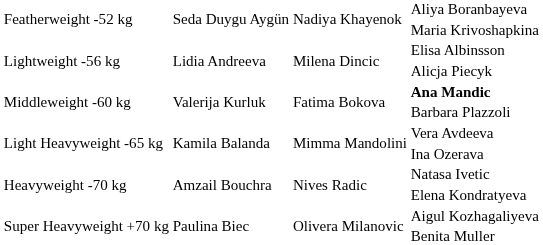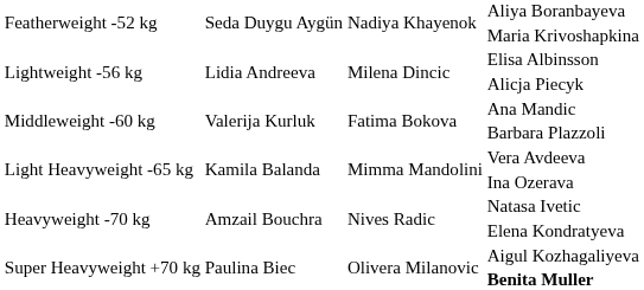 <table>
 <tr>
 <td rowspan=2>Featherweight -52 kg<br></td>
 <td rowspan=2>Seda Duygu Aygün </td>
 <td rowspan=2>Nadiya Khayenok </td>
 <td>Aliya Boranbayeva </td>
 </tr>
 <tr>
 <td>Maria Krivoshapkina </td>
 </tr>
 <tr>
 <td rowspan=2>Lightweight -56 kg<br></td>
 <td rowspan=2>Lidia Andreeva </td>
 <td rowspan=2>Milena Dincic </td>
 <td>Elisa Albinsson </td>
 </tr>
 <tr>
 <td>Alicja Piecyk </td>
 </tr>
 <tr>
 <td rowspan=2>Middleweight -60 kg<br></td>
 <td rowspan=2>Valerija Kurluk </td>
 <td rowspan=2>Fatima Bokova </td>
-<td><strong>Ana Mandic </strong></td>
+<td>Ana Mandic </td>
 </tr>
 <tr>
 <td>Barbara Plazzoli </td>
 </tr>
 <tr>
 <td rowspan=2>Light Heavyweight -65 kg<br></td>
 <td rowspan=2>Kamila Balanda </td>
 <td rowspan=2>Mimma Mandolini </td>
 <td>Vera Avdeeva </td>
 </tr>
 <tr>
 <td>Ina Ozerava </td>
 </tr>
 <tr>
 <td rowspan=2>Heavyweight -70 kg<br></td>
 <td rowspan=2>Amzail Bouchra </td>
 <td rowspan=2>Nives Radic </td>
 <td>Natasa Ivetic </td>
 </tr>
 <tr>
 <td>Elena Kondratyeva </td>
 </tr>
 <tr>
 <td rowspan=2>Super Heavyweight +70 kg<br></td>
 <td rowspan=2>Paulina Biec </td>
 <td rowspan=2>Olivera Milanovic </td>
 <td>Aigul Kozhagaliyeva </td>
 </tr>
 <tr>
-<td>Benita Muller </td>
+<td><strong>Benita Muller </strong></td>
 </tr>
 <tr>
 </tr>
 </table>
